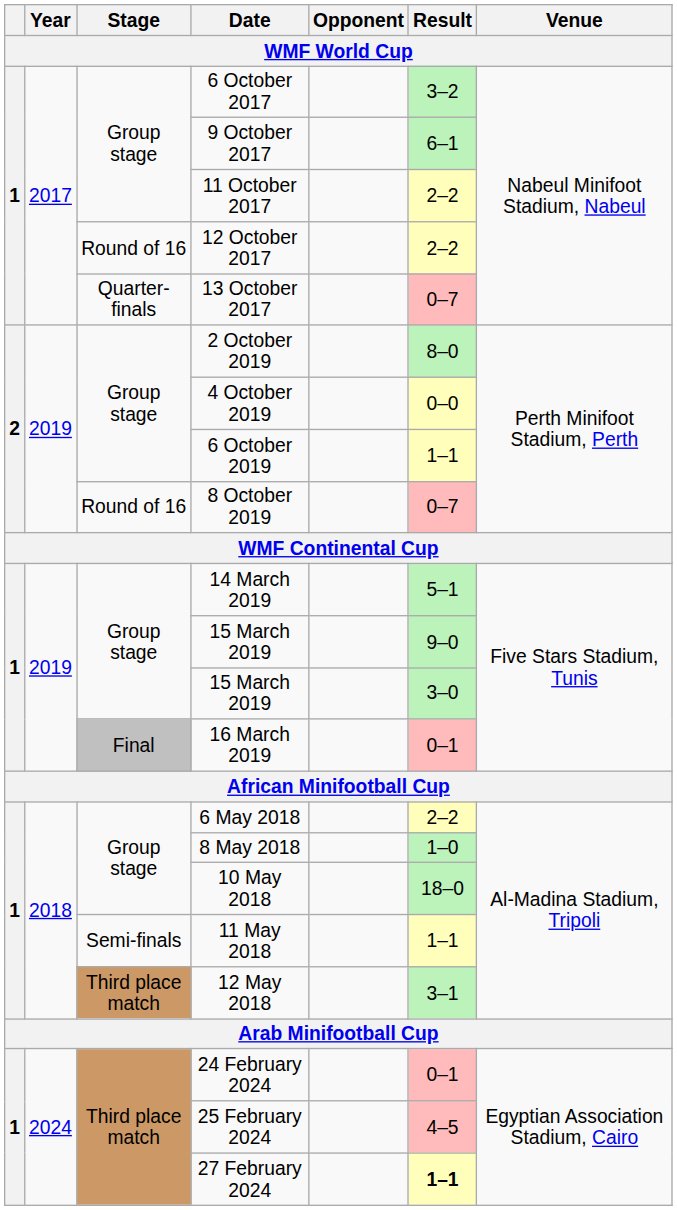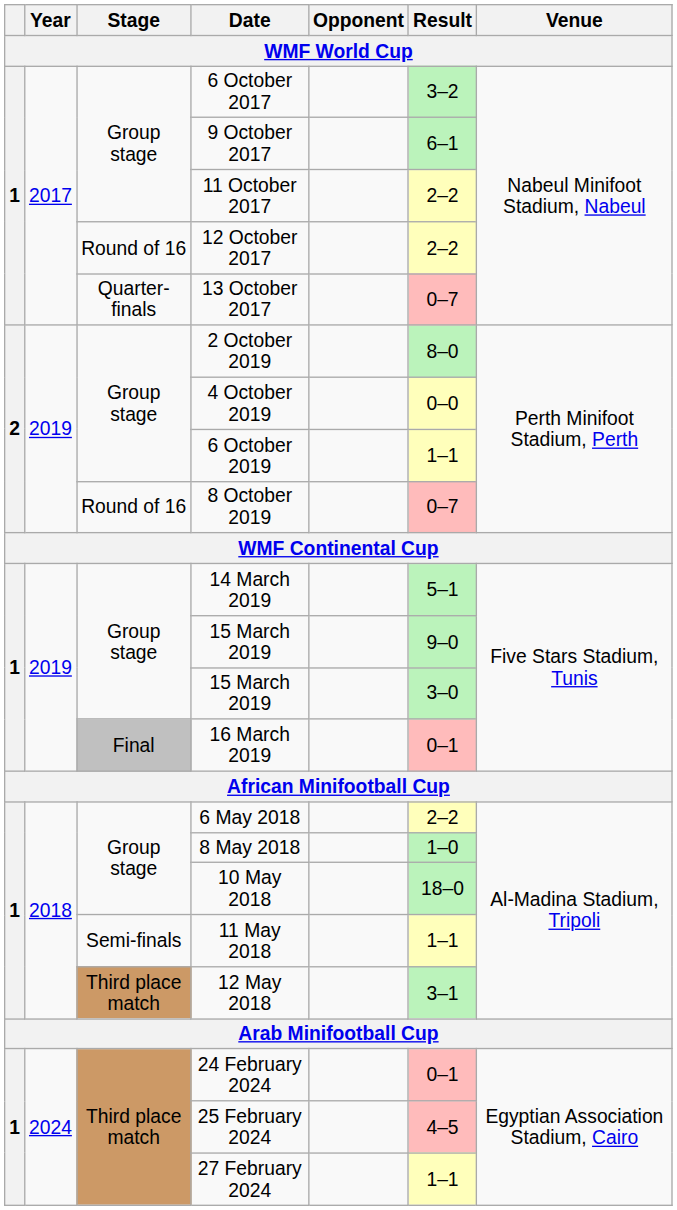 <table class="wikitable" style="font-size:90%; text-align:center;" width="80%">
 <tr>
 <th></th>
 <th>Year</th>
 <th>Stage</th>
 <th>Date</th>
 <th>Opponent</th>
 <th>Result</th>
 <th>Venue</th>
 </tr>
 <tr>
 <th colspan="7"><a href='#'>WMF World Cup</a></th>
 </tr>
 <tr>
 <th rowspan="5">1</th>
 <td rowspan="5"> <a href='#'>2017</a></td>
 <td rowspan="3">Group stage</td>
 <td>6 October 2017</td>
 <td align="left"></td>
 <td bgcolor="#bbf3bb">3–2</td>
 <td rowspan="5">Nabeul Minifoot Stadium, <a href='#'>Nabeul</a></td>
 </tr>
 <tr>
 <td>9 October 2017</td>
 <td align="left"></td>
 <td bgcolor="#bbf3bb">6–1</td>
 </tr>
 <tr>
 <td>11 October 2017</td>
 <td align="left"></td>
 <td bgcolor="#ffffbb">2–2</td>
 </tr>
 <tr>
 <td>Round of 16</td>
 <td>12 October 2017</td>
 <td align="left"></td>
 <td bgcolor="#ffffbb">2–2 </td>
 </tr>
 <tr>
 <td>Quarter-finals</td>
 <td>13 October 2017</td>
 <td align="left"></td>
 <td bgcolor="#ffbbbb">0–7</td>
 </tr>
 <tr>
 <th rowspan="4">2</th>
 <td rowspan="4"> <a href='#'>2019</a></td>
 <td rowspan="3">Group stage</td>
 <td>2 October 2019</td>
 <td align="left"></td>
 <td bgcolor="#bbf3bb">8–0</td>
 <td rowspan="4">Perth Minifoot Stadium, <a href='#'>Perth</a></td>
 </tr>
 <tr>
 <td>4 October 2019</td>
 <td align="left"></td>
 <td bgcolor="#ffffbb">0–0</td>
 </tr>
 <tr>
 <td>6 October 2019</td>
 <td align="left"></td>
 <td bgcolor="#ffffbb">1–1</td>
 </tr>
 <tr>
 <td>Round of 16</td>
 <td>8 October 2019</td>
 <td align="left"></td>
 <td bgcolor="#ffbbbb">0–7</td>
 </tr>
 <tr>
 <th colspan="7"><a href='#'>WMF Continental Cup</a></th>
 </tr>
 <tr>
 <th rowspan="4">1</th>
 <td rowspan="4"> <a href='#'>2019</a></td>
 <td rowspan="3">Group stage</td>
 <td>14 March 2019</td>
 <td align="left"></td>
 <td bgcolor="#bbf3bb">5–1</td>
 <td rowspan="4">Five Stars Stadium, <a href='#'>Tunis</a></td>
 </tr>
 <tr>
 <td>15 March 2019</td>
 <td align="left"></td>
 <td bgcolor="#bbf3bb">9–0</td>
 </tr>
 <tr>
 <td>15 March 2019</td>
 <td align="left"></td>
 <td bgcolor="#bbf3bb">3–0</td>
 </tr>
 <tr>
 <td style="background:silver;">Final</td>
 <td>16 March 2019</td>
 <td align="left"></td>
 <td bgcolor="#ffbbbb">0–1</td>
 </tr>
 <tr>
 <th colspan="7"><a href='#'>African Minifootball Cup</a></th>
 </tr>
 <tr>
 <th rowspan="5">1</th>
 <td rowspan="5"> <a href='#'>2018</a></td>
 <td rowspan="3">Group stage</td>
 <td>6 May 2018</td>
 <td align="left"></td>
 <td bgcolor="#ffffbb">2–2 </td>
 <td rowspan="5">Al-Madina Stadium, <a href='#'>Tripoli</a></td>
 </tr>
 <tr>
 <td>8 May 2018</td>
 <td align="left"></td>
 <td bgcolor="#bbf3bb">1–0</td>
 </tr>
 <tr>
 <td>10 May 2018</td>
 <td align="left"></td>
 <td bgcolor="#bbf3bb">18–0</td>
 </tr>
 <tr>
 <td>Semi-finals</td>
 <td>11 May 2018</td>
 <td align="left"></td>
 <td bgcolor="#ffffbb">1–1</td>
 </tr>
 <tr>
 <td style="background:#cc9966;">Third place match</td>
 <td>12 May 2018</td>
 <td align="left"></td>
 <td bgcolor="#bbf3bb">3–1</td>
 </tr>
 <tr>
 <th colspan="7"><a href='#'>Arab Minifootball Cup</a></th>
 </tr>
 <tr>
 <th rowspan="3">1</th>
 <td rowspan="3"> <a href='#'>2024</a></td>
 <td style="background:#cc9966;" rowspan="3">Third place match</td>
 <td>24 February 2024</td>
 <td align="left"></td>
 <td bgcolor="#ffbbbb">0–1</td>
 <td rowspan="3">Egyptian Association Stadium, <a href='#'>Cairo</a></td>
 </tr>
 <tr>
 <td>25 February 2024</td>
 <td align="left"></td>
 <td bgcolor="#ffbbbb">4–5</td>
 </tr>
 <tr>
 <td>27 February 2024</td>
 <td align="left"></td>
-<td bgcolor="#ffffbb"><strong>1–1</strong></td>
+<td bgcolor="#ffffbb">1–1</td>
 </tr>
 </table>
